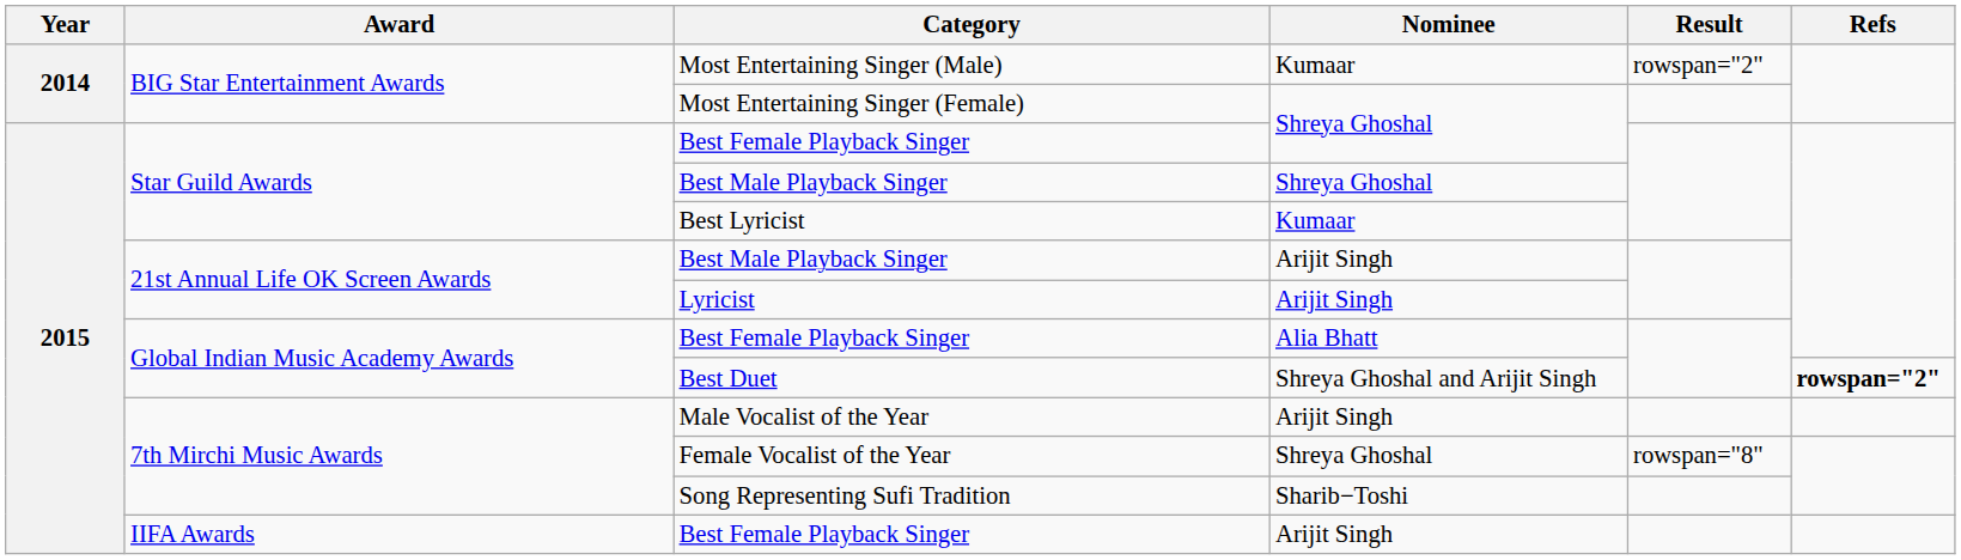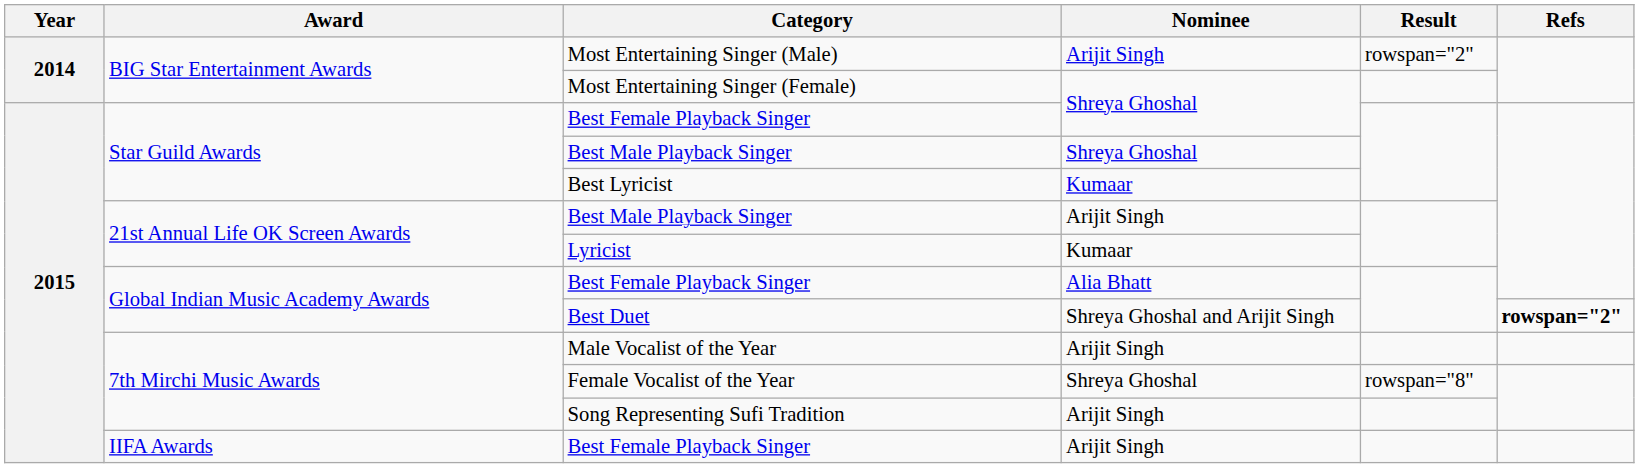 <table class="wikitable plainrowheaders" width="100%" textcolor:#000;">
 <tr>
 <th width=5%>Year</th>
 <th width=23%>Award</th>
 <th width=25%>Category</th>
 <th width=15%>Nominee</th>
 <th width=5%>Result</th>
 <th width=2%>Refs</th>
 </tr>
 <tr>
 <th scope="row" rowspan="2">2014</th>
 <td rowspan="2"><a href='#'>BIG Star Entertainment Awards</a></td>
 <td>Most Entertaining Singer (Male)</td>
-<td>Kumaar</td>
+<td><a href='#'>Arijit Singh</a></td>
 <td>rowspan="2" </td>
 <td rowspan="2"></td>
 </tr>
 <tr>
 <td>Most Entertaining Singer (Female)</td>
 <td rowspan="2"><a href='#'>Shreya Ghoshal</a></td>
 </tr>
 <tr>
 <th scope="row" rowspan="11">2015</th>
 <td rowspan="3"><a href='#'>Star Guild Awards</a></td>
 <td><a href='#'>Best Female Playback Singer</a></td>
 <td rowspan="3"></td>
 </tr>
 <tr>
 <td><a href='#'>Best Male Playback Singer</a></td>
 <td><a href='#'>Shreya Ghoshal</a></td>
 </tr>
 <tr>
 <td>Best Lyricist</td>
 <td><a href='#'>Kumaar</a></td>
 </tr>
 <tr>
 <td rowspan="2"><a href='#'>21st Annual Life OK Screen Awards</a></td>
 <td><a href='#'>Best Male Playback Singer</a></td>
 <td>Arijit Singh</td>
 <td rowspan="2"></td>
 </tr>
 <tr>
 <td><a href='#'>Lyricist</a></td>
-<td><a href='#'>Arijit Singh</a></td>
+<td>Kumaar</td>
 </tr>
 <tr>
 <td rowspan="2"><a href='#'>Global Indian Music Academy Awards</a></td>
 <td><a href='#'>Best Female Playback Singer</a></td>
 <td><a href='#'>Alia Bhatt</a></td>
 <td rowspan="2"></td>
 </tr>
 <tr>
 <td><a href='#'>Best Duet</a></td>
 <td>Shreya Ghoshal and Arijit Singh</td>
 <td><strong>rowspan="2" </strong></td>
 </tr>
 <tr>
 <td rowspan="3"><a href='#'>7th Mirchi Music Awards</a></td>
 <td>Male Vocalist of the Year</td>
 <td>Arijit Singh</td>
 <td></td>
 </tr>
 <tr>
 <td>Female Vocalist of the Year</td>
 <td>Shreya Ghoshal</td>
 <td>rowspan="8" </td>
 <td rowspan="2"></td>
 </tr>
 <tr>
 <td>Song Representing Sufi Tradition</td>
-<td>Sharib−Toshi</td>
+<td>Arijit Singh</td>
 </tr>
 <tr>
 <td><a href='#'>IIFA Awards</a></td>
 <td><a href='#'>Best Female Playback Singer</a></td>
 <td>Arijit Singh</td>
 <td></td>
 <td></td>
 </tr>
 </table>
